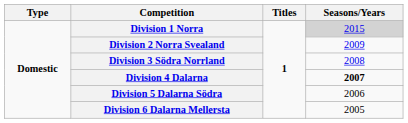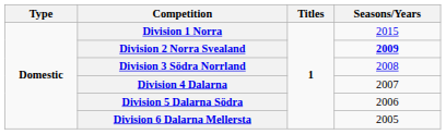 <table class="wikitable sortable" width="100%" style="text-align: center;font-size:100%;">
 <tr>
 <th scope=col>Type</th>
 <th scope=col>Competition</th>
 <th scope=col>Titles</th>
 <th scope=col>Seasons/Years</th>
 </tr>
 <tr>
 <td rowspan="6"><strong>Domestic</strong></td>
 <th scope=col><a href='#'>Division 1 Norra</a></th>
 <td rowspan="6" style="text-align:center;"><strong>1</strong></td>
-<td style="background: lightgrey;"><a href='#'>2015</a></td>
+<td><a href='#'>2015</a></td>
 </tr>
 <tr>
 <th scope=col><a href='#'>Division 2 Norra Svealand</a></th>
-<td><a href='#'>2009</a></td>
+<td><strong><a href='#'>2009</a></strong></td>
 </tr>
 <tr>
 <th scope=col><a href='#'>Division 3 Södra Norrland</a></th>
 <td><a href='#'>2008</a></td>
 </tr>
 <tr>
 <th scope=col><a href='#'>Division 4 Dalarna</a></th>
-<td><strong>2007</strong></td>
+<td>2007</td>
 </tr>
 <tr>
 <th scope=col><a href='#'>Division 5 Dalarna Södra</a></th>
 <td>2006</td>
 </tr>
 <tr>
 <th scope=col><a href='#'>Division 6 Dalarna Mellersta</a></th>
 <td>2005</td>
 </tr>
 </table>
